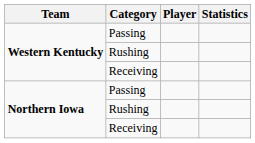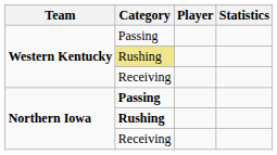 <table class="wikitable" style="float: right;">
 <tr>
 <th>Team</th>
 <th>Category</th>
 <th>Player</th>
 <th>Statistics</th>
 </tr>
 <tr>
 <td rowspan=3><strong>Western Kentucky</strong></td>
 <td>Passing</td>
 <td></td>
 <td></td>
 </tr>
 <tr>
-<td>Rushing</td>
+<td style="background: khaki;">Rushing</td>
 <td></td>
 <td></td>
 </tr>
 <tr>
 <td>Receiving</td>
 <td></td>
 <td></td>
 </tr>
 <tr>
 <td rowspan=3><strong>Northern Iowa</strong></td>
-<td>Passing</td>
+<td><strong>Passing</strong></td>
 <td></td>
 <td></td>
 </tr>
 <tr>
-<td>Rushing</td>
+<td><strong>Rushing</strong></td>
 <td></td>
 <td></td>
 </tr>
 <tr>
 <td>Receiving</td>
 <td></td>
 <td></td>
 </tr>
 </table>
